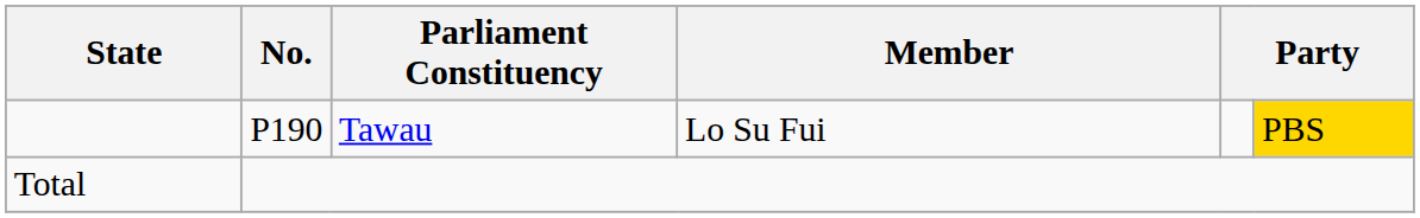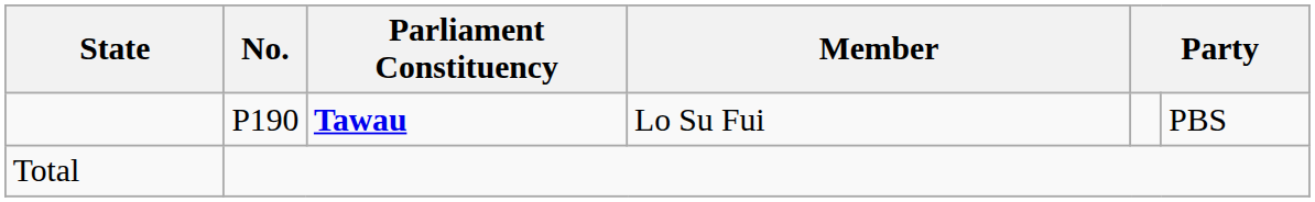 <table class ="wikitable sortable">
 <tr>
 <th style="width:100px;">State</th>
 <th style="width:30px;">No.</th>
 <th style="width:150px;">Parliament Constituency</th>
 <th style="width:240px;">Member</th>
 <th style="width:80px;" colspan=2>Party</th>
 </tr>
 <tr>
 <td></td>
 <td>P190</td>
-<td><a href='#'>Tawau</a></td>
+<td><strong><a href='#'>Tawau</a></strong></td>
 <td>Lo Su Fui</td>
 <td></td>
-<td style="background: gold;">PBS</td>
+<td>PBS</td>
 </tr>
 <tr>
 <td>Total</td>
 <td style="width:30px;" colspan=6></td>
 </tr>
 </table>
